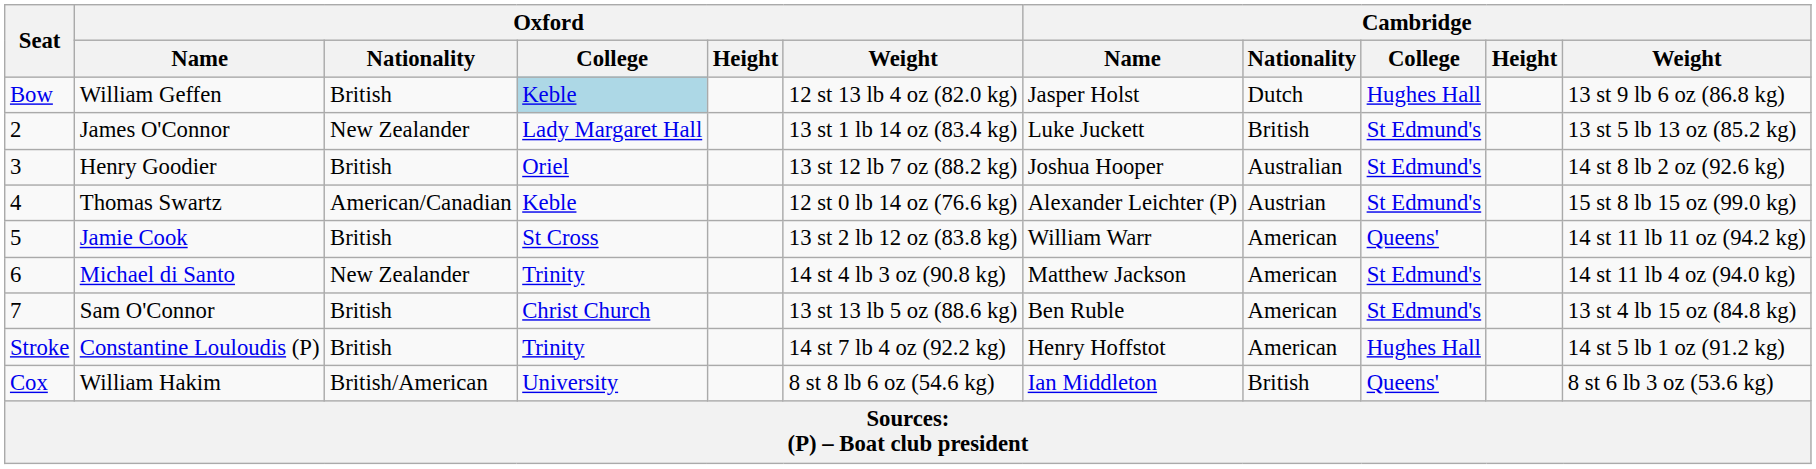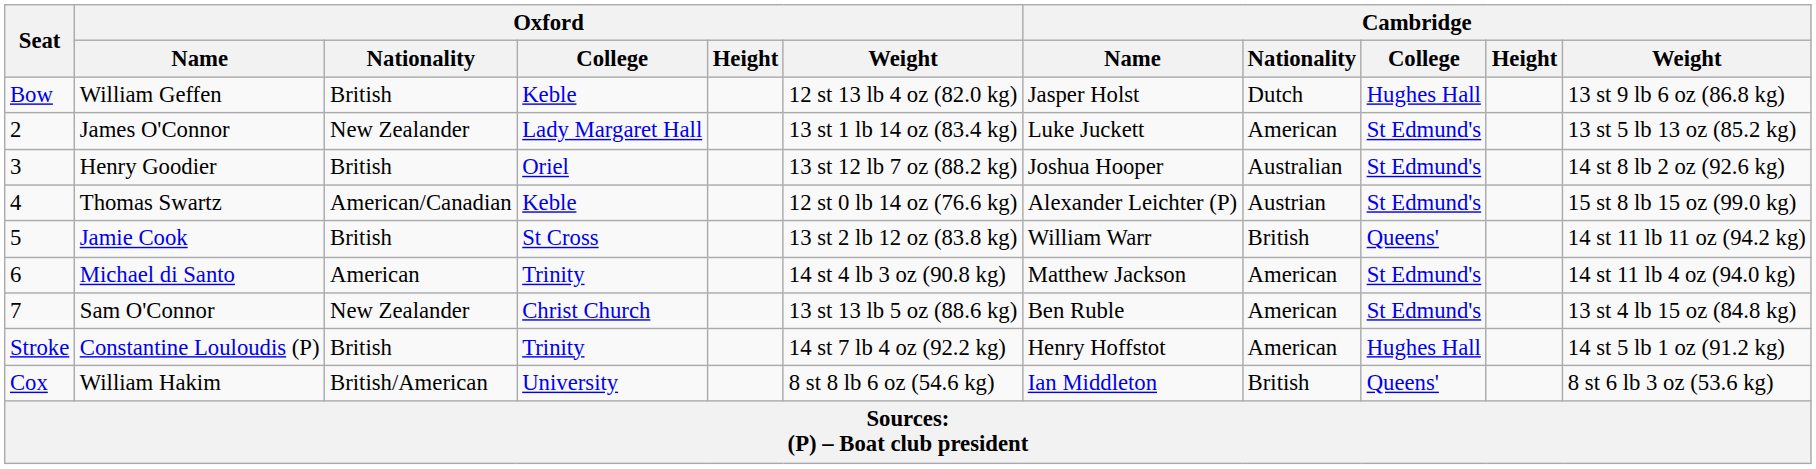 <table class="wikitable">
 <tr>
 <th rowspan="2" scope="col">Seat</th>
 <th colspan="5" scope="col">Oxford <br> </th>
 <th colspan="5" scope="col">Cambridge <br> </th>
 </tr>
 <tr>
 <th>Name</th>
 <th>Nationality</th>
 <th>College</th>
 <th>Height</th>
 <th>Weight</th>
 <th>Name</th>
 <th>Nationality</th>
 <th>College</th>
 <th>Height</th>
 <th>Weight</th>
 </tr>
 <tr>
 <td><a href='#'>Bow</a></td>
 <td>William Geffen</td>
 <td>British</td>
-<td style="background: lightblue;"><a href='#'>Keble</a></td>
+<td><a href='#'>Keble</a></td>
 <td></td>
 <td>12 st 13 lb 4 oz (82.0 kg)</td>
 <td>Jasper Holst</td>
 <td>Dutch</td>
 <td><a href='#'>Hughes Hall</a></td>
 <td></td>
 <td>13 st 9 lb 6 oz (86.8 kg)</td>
 </tr>
 <tr>
 <td>2</td>
 <td>James O'Connor</td>
 <td>New Zealander</td>
 <td><a href='#'>Lady Margaret Hall</a></td>
 <td></td>
 <td>13 st 1 lb 14 oz (83.4 kg)</td>
 <td>Luke Juckett</td>
-<td>British</td>
+<td>American</td>
 <td><a href='#'>St Edmund's</a></td>
 <td></td>
 <td>13 st 5 lb 13 oz (85.2 kg)</td>
 </tr>
 <tr>
 <td>3</td>
 <td>Henry Goodier</td>
 <td>British</td>
 <td><a href='#'>Oriel</a></td>
 <td></td>
 <td>13 st 12 lb 7 oz (88.2 kg)</td>
 <td>Joshua Hooper</td>
 <td>Australian</td>
 <td><a href='#'>St Edmund's</a></td>
 <td></td>
 <td>14 st 8 lb 2 oz (92.6 kg)</td>
 </tr>
 <tr>
 <td>4</td>
 <td>Thomas Swartz</td>
 <td>American/Canadian</td>
 <td><a href='#'>Keble</a></td>
 <td></td>
 <td>12 st 0 lb 14 oz (76.6 kg)</td>
 <td>Alexander Leichter (P)</td>
 <td>Austrian</td>
 <td><a href='#'>St Edmund's</a></td>
 <td></td>
 <td>15 st 8 lb 15 oz (99.0 kg)</td>
 </tr>
 <tr>
 <td>5</td>
 <td><a href='#'>Jamie Cook</a></td>
 <td>British</td>
 <td><a href='#'>St Cross</a></td>
 <td></td>
 <td>13 st 2 lb 12 oz (83.8 kg)</td>
 <td>William Warr</td>
-<td>American</td>
+<td>British</td>
 <td><a href='#'>Queens'</a></td>
 <td></td>
 <td>14 st 11 lb 11 oz (94.2 kg)</td>
 </tr>
 <tr>
 <td>6</td>
 <td><a href='#'>Michael di Santo</a></td>
-<td>New Zealander</td>
+<td>American</td>
 <td><a href='#'>Trinity</a></td>
 <td></td>
 <td>14 st 4 lb 3 oz (90.8 kg)</td>
 <td>Matthew Jackson</td>
 <td>American</td>
 <td><a href='#'>St Edmund's</a></td>
 <td></td>
 <td>14 st 11 lb 4 oz (94.0 kg)</td>
 </tr>
 <tr>
 <td>7</td>
 <td>Sam O'Connor</td>
-<td>British</td>
+<td>New Zealander</td>
 <td><a href='#'>Christ Church</a></td>
 <td></td>
 <td>13 st 13 lb 5 oz (88.6 kg)</td>
 <td>Ben Ruble</td>
 <td>American</td>
 <td><a href='#'>St Edmund's</a></td>
 <td></td>
 <td>13 st 4 lb 15 oz (84.8 kg)</td>
 </tr>
 <tr>
 <td><a href='#'>Stroke</a></td>
 <td><a href='#'>Constantine Louloudis</a> (P)</td>
 <td>British</td>
 <td><a href='#'>Trinity</a></td>
 <td></td>
 <td>14 st 7 lb 4 oz (92.2 kg)</td>
 <td>Henry Hoffstot</td>
 <td>American</td>
 <td><a href='#'>Hughes Hall</a></td>
 <td></td>
 <td>14 st 5 lb 1 oz (91.2 kg)</td>
 </tr>
 <tr>
 <td><a href='#'>Cox</a></td>
 <td>William Hakim</td>
 <td>British/American</td>
 <td><a href='#'>University</a></td>
 <td></td>
 <td>8 st 8 lb 6 oz (54.6 kg)</td>
 <td><a href='#'>Ian Middleton</a></td>
 <td>British</td>
 <td><a href='#'>Queens'</a></td>
 <td></td>
 <td>8 st 6 lb 3 oz (53.6 kg)</td>
 </tr>
 <tr>
 <th colspan="11">Sources:<br>(P) – Boat club president</th>
 </tr>
 </table>
